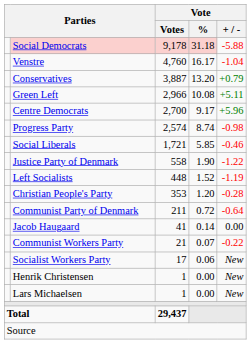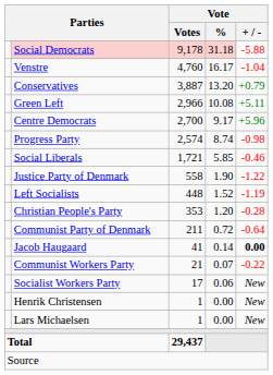 <table class="wikitable" style="text-align:right;">
 <tr>
 <th style="text-align:centre;" rowspan="2" colspan="2" width="225">Parties</th>
 <th colspan="3">Vote</th>
 </tr>
 <tr>
 <th width="15">Votes</th>
 <th width="15">%</th>
 <th width="15">+ / -</th>
 </tr>
 <tr>
 <td width="2" style="color:inherit;background:"></td>
 <td bgcolor=#fbd0ce  align="left"><a href='#'>Social Democrats</a></td>
 <td bgcolor=#fbd0ce>9,178</td>
 <td bgcolor=#fbd0ce>31.18</td>
 <td style=color:red;>-5.88</td>
 </tr>
 <tr>
 <td width="2" style="color:inherit;background:"></td>
 <td align="left"><a href='#'>Venstre</a></td>
 <td>4,760</td>
 <td>16.17</td>
 <td style=color:red;>-1.04</td>
 </tr>
 <tr>
 <td width="2" style="color:inherit;background:"></td>
 <td align="left"><a href='#'>Conservatives</a></td>
 <td>3,887</td>
 <td>13.20</td>
 <td style=color:green;>+0.79</td>
 </tr>
 <tr>
 <td width="2" style="color:inherit;background:"></td>
 <td align="left"><a href='#'>Green Left</a></td>
 <td>2,966</td>
 <td>10.08</td>
 <td style=color:green;>+5.11</td>
 </tr>
 <tr>
 <td width="2" style="color:inherit;background:"></td>
 <td align="left"><a href='#'>Centre Democrats</a></td>
 <td>2,700</td>
 <td>9.17</td>
 <td style=color:green;>+5.96</td>
 </tr>
 <tr>
 <td width="2" style="color:inherit;background:"></td>
 <td align="left"><a href='#'>Progress Party</a></td>
 <td>2,574</td>
 <td>8.74</td>
 <td style=color:red;>-0.98</td>
 </tr>
 <tr>
 <td width="2" style="color:inherit;background:"></td>
 <td align="left"><a href='#'>Social Liberals</a></td>
 <td>1,721</td>
 <td>5.85</td>
 <td style=color:red;>-0.46</td>
 </tr>
 <tr>
 <td width="2" style="color:inherit;background:"></td>
 <td align="left"><a href='#'>Justice Party of Denmark</a></td>
 <td>558</td>
 <td>1.90</td>
 <td style=color:red;>-1.22</td>
 </tr>
 <tr>
 <td width="2" style="color:inherit;background:"></td>
 <td align="left"><a href='#'>Left Socialists</a></td>
 <td>448</td>
 <td>1.52</td>
 <td style=color:red;>-1.19</td>
 </tr>
 <tr>
 <td width="2" style="color:inherit;background:"></td>
 <td align="left"><a href='#'>Christian People's Party</a></td>
 <td>353</td>
 <td>1.20</td>
 <td style=color:red;>-0.28</td>
 </tr>
 <tr>
 <td width="2" style="color:inherit;background:"></td>
 <td align="left"><a href='#'>Communist Party of Denmark</a></td>
 <td>211</td>
 <td>0.72</td>
 <td style=color:red;>-0.64</td>
 </tr>
 <tr>
 <td width="2" style="color:inherit;background:"></td>
 <td align="left"><a href='#'>Jacob Haugaard</a></td>
 <td>41</td>
 <td>0.14</td>
-<td>0.00</td>
+<td><strong>0.00</strong></td>
 </tr>
 <tr>
 <td width="2" style="color:inherit;background:"></td>
 <td align="left"><a href='#'>Communist Workers Party</a></td>
 <td>21</td>
 <td>0.07</td>
 <td style=color:red;>-0.22</td>
 </tr>
 <tr>
 <td width="2" style="color:inherit;background:"></td>
 <td align="left"><a href='#'>Socialist Workers Party</a></td>
 <td>17</td>
 <td>0.06</td>
 <td><em>New</em></td>
 </tr>
 <tr>
 <td width="2" style="color:inherit;background:"></td>
 <td align="left">Henrik Christensen</td>
 <td>1</td>
 <td>0.00</td>
 <td><em>New</em></td>
 </tr>
 <tr>
 <td width="2" style="color:inherit;background:"></td>
 <td align="left">Lars Michaelsen</td>
 <td>1</td>
 <td>0.00</td>
 <td><em>New</em></td>
 </tr>
 <tr>
 <td colspan="7" bgcolor="#E9E9E9"></td>
 </tr>
 <tr>
 <td align="left" colspan="2"><strong>Total</strong></td>
 <td><strong>29,437</strong></td>
 <td bgcolor="#E9E9E9" colspan="2"></td>
 </tr>
 <tr>
 <td align="left" colspan="6">Source</td>
 </tr>
 </table>
